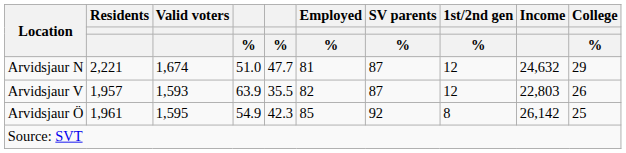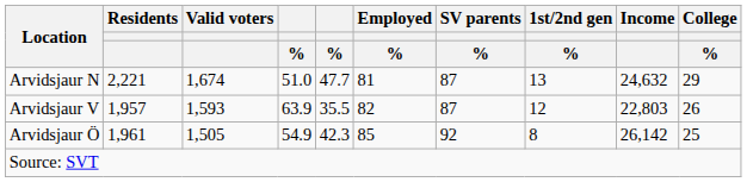 <table role="presentation" class="wikitable sortable mw-collapsible mw-collapsed">
 <tr>
 <th rowspan="3">Location</th>
 <th>Residents</th>
 <th>Valid voters</th>
 <th></th>
 <th></th>
 <th>Employed</th>
 <th>SV parents</th>
 <th>1st/2nd gen</th>
 <th>Income</th>
 <th>College</th>
 </tr>
 <tr>
 <th></th>
 <th></th>
 <th style="background:"></th>
 <th style="background:"></th>
 <th></th>
 <th></th>
 <th></th>
 <th></th>
 <th></th>
 </tr>
 <tr>
 <th></th>
 <th data-sort-type="number"></th>
 <th data-sort-type="number">%</th>
 <th data-sort-type="number">%</th>
 <th data-sort-type="number">%</th>
 <th data-sort-type="number">%</th>
 <th data-sort-type="number">%</th>
 <th data-sort-type="number"></th>
 <th data-sort-type="number">%</th>
 </tr>
 <tr>
 <td align="left">Arvidsjaur N</td>
 <td>2,221</td>
 <td>1,674</td>
 <td>51.0</td>
 <td>47.7</td>
 <td>81</td>
 <td>87</td>
-<td>12</td>
+<td>13</td>
 <td>24,632</td>
 <td>29</td>
 </tr>
 <tr>
 <td align="left">Arvidsjaur V</td>
 <td>1,957</td>
 <td>1,593</td>
 <td>63.9</td>
 <td>35.5</td>
 <td>82</td>
 <td>87</td>
 <td>12</td>
 <td>22,803</td>
 <td>26</td>
 </tr>
 <tr>
 <td align="left">Arvidsjaur Ö</td>
 <td>1,961</td>
-<td>1,595</td>
+<td>1,505</td>
 <td>54.9</td>
 <td>42.3</td>
 <td>85</td>
 <td>92</td>
 <td>8</td>
 <td>26,142</td>
 <td>25</td>
 </tr>
 <tr>
 <td colspan="10" align="left">Source: <a href='#'>SVT</a></td>
 </tr>
 </table>
